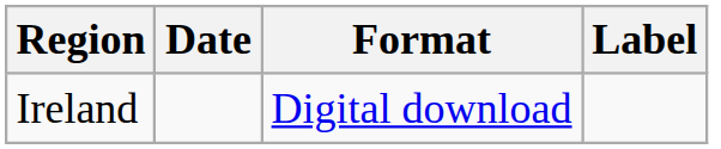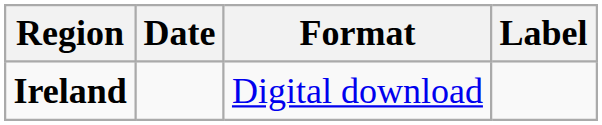 <table class="wikitable">
 <tr>
 <th>Region</th>
 <th>Date</th>
 <th>Format</th>
 <th>Label</th>
 </tr>
 <tr>
-<td>Ireland</td>
+<td><strong>Ireland</strong></td>
 <td rowspan="2"></td>
 <td rowspan="2"><a href='#'>Digital download</a></td>
 <td rowspan="2"></td>
 </tr>
 </table>
